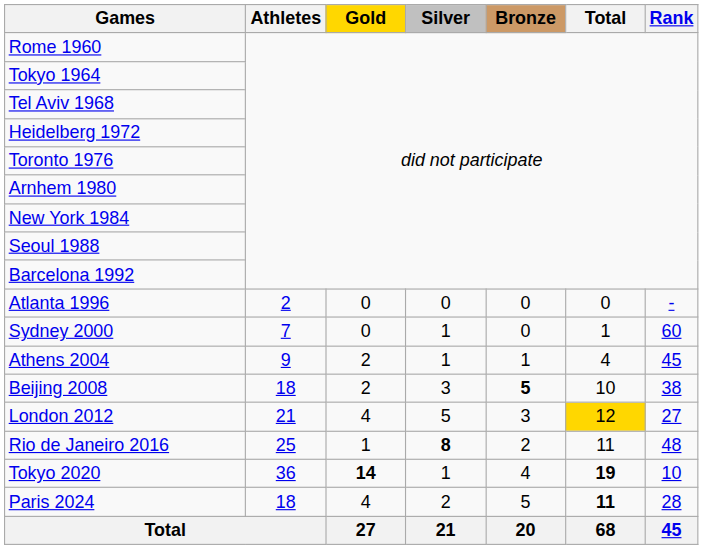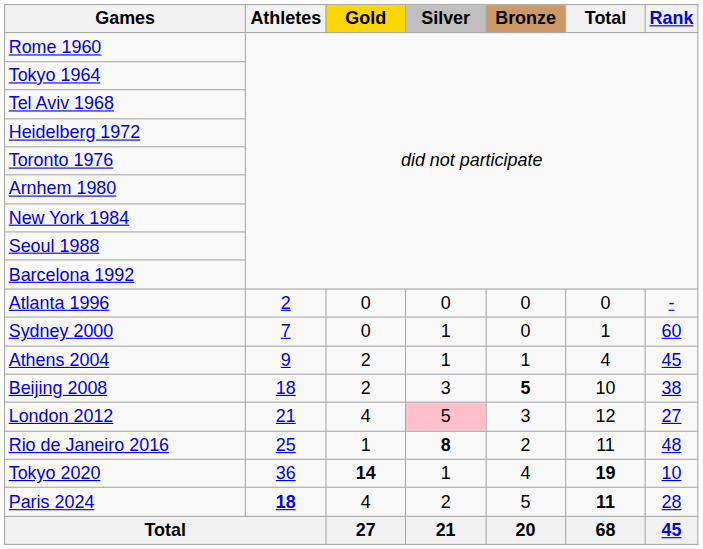 <table class="wikitable" style="text-align:center; font-size:100%;">
 <tr>
 <th style="width:13em;">Games</th>
 <th style="width:4em;">Athletes</th>
 <th style="width:4em; background:gold;">Gold</th>
 <th style="width:4em; background:silver;">Silver</th>
 <th style="width:4em; background:#cc9966;">Bronze</th>
 <th style="width:4em;">Total</th>
 <th style="width:2em;"><a href='#'>Rank</a></th>
 </tr>
 <tr>
 <td align=left> <a href='#'>Rome 1960</a></td>
 <td colspan=6 rowspan="9"><em>did not participate</em></td>
 </tr>
 <tr>
 <td align=left> <a href='#'>Tokyo 1964</a></td>
 </tr>
 <tr>
 <td align=left> <a href='#'>Tel Aviv 1968</a></td>
 </tr>
 <tr>
 <td align=left> <a href='#'>Heidelberg 1972</a></td>
 </tr>
 <tr>
 <td align=left> <a href='#'>Toronto 1976</a></td>
 </tr>
 <tr>
 <td align=left> <a href='#'>Arnhem 1980</a></td>
 </tr>
 <tr>
 <td align=left> <a href='#'>New York 1984</a></td>
 </tr>
 <tr>
 <td align=left> <a href='#'>Seoul 1988</a></td>
 </tr>
 <tr>
 <td align=left> <a href='#'>Barcelona 1992</a></td>
 </tr>
 <tr>
 <td align=left> <a href='#'>Atlanta 1996</a></td>
 <td><a href='#'>2</a></td>
 <td>0</td>
 <td>0</td>
 <td>0</td>
 <td>0</td>
 <td><a href='#'>-</a></td>
 </tr>
 <tr>
 <td align=left> <a href='#'>Sydney 2000</a></td>
 <td><a href='#'>7</a></td>
 <td>0</td>
 <td>1</td>
 <td>0</td>
 <td>1</td>
 <td><a href='#'>60</a></td>
 </tr>
 <tr>
 <td align=left> <a href='#'>Athens 2004</a></td>
 <td><a href='#'>9</a></td>
 <td>2</td>
 <td>1</td>
 <td>1</td>
 <td>4</td>
 <td><a href='#'>45</a></td>
 </tr>
 <tr>
 <td align=left> <a href='#'>Beijing 2008</a></td>
 <td><a href='#'>18</a></td>
 <td>2</td>
 <td>3</td>
 <td><strong>5</strong></td>
 <td>10</td>
 <td><a href='#'>38</a></td>
 </tr>
 <tr>
 <td align=left> <a href='#'>London 2012</a></td>
 <td><a href='#'>21</a></td>
 <td>4</td>
-<td>5</td>
+<td style="background: pink;">5</td>
 <td>3</td>
-<td style="background: gold;">12</td>
+<td>12</td>
 <td><a href='#'>27</a></td>
 </tr>
 <tr>
 <td align=left> <a href='#'>Rio de Janeiro 2016</a></td>
 <td><a href='#'>25</a></td>
 <td>1</td>
 <td><strong>8</strong></td>
 <td>2</td>
 <td>11</td>
 <td><a href='#'>48</a></td>
 </tr>
 <tr>
 <td align=left> <a href='#'>Tokyo 2020</a></td>
 <td><a href='#'>36</a></td>
 <td><strong>14</strong></td>
 <td>1</td>
 <td>4</td>
 <td><strong>19</strong></td>
 <td><a href='#'>10</a></td>
 </tr>
 <tr>
 <td align=left> <a href='#'>Paris 2024</a></td>
-<td><a href='#'>18</a></td>
+<td><strong><a href='#'>18</a></strong></td>
 <td>4</td>
 <td>2</td>
 <td>5</td>
 <td><strong>11</strong></td>
 <td><a href='#'>28</a></td>
 </tr>
 <tr>
 <th colspan=2>Total</th>
 <th>27</th>
 <th>21</th>
 <th>20</th>
 <th>68</th>
 <th><a href='#'>45</a></th>
 </tr>
 </table>
